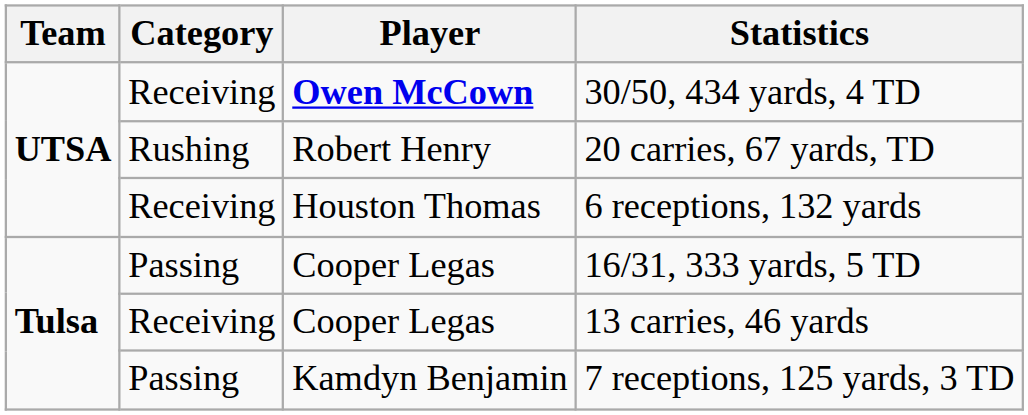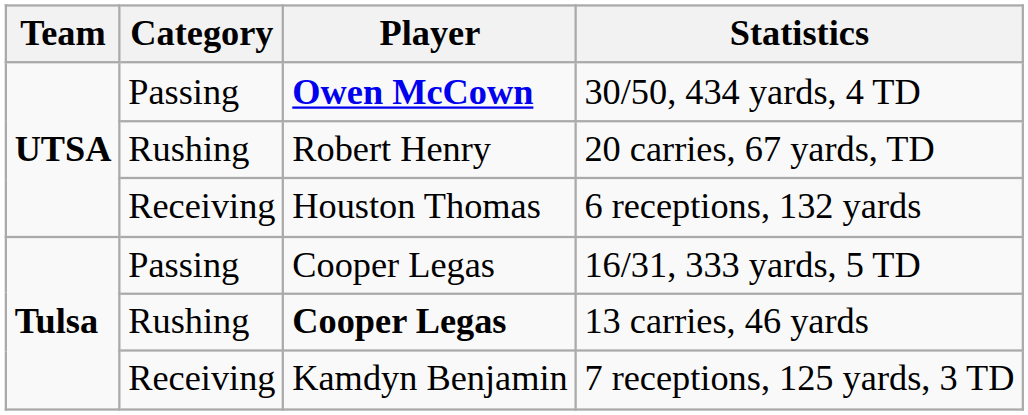 <table class="wikitable" style="float: right;">
 <tr>
 <th>Team</th>
 <th>Category</th>
 <th>Player</th>
 <th>Statistics</th>
 </tr>
 <tr>
 <td rowspan=3><strong>UTSA</strong></td>
-<td>Receiving</td>
+<td>Passing</td>
 <td><strong><a href='#'>Owen McCown</a></strong></td>
 <td>30/50, 434 yards, 4 TD</td>
 </tr>
 <tr>
 <td>Rushing</td>
 <td>Robert Henry</td>
 <td>20 carries, 67 yards, TD</td>
 </tr>
 <tr>
 <td>Receiving</td>
 <td>Houston Thomas</td>
 <td>6 receptions, 132 yards</td>
 </tr>
 <tr>
 <td rowspan=3><strong>Tulsa</strong></td>
 <td>Passing</td>
 <td>Cooper Legas</td>
 <td>16/31, 333 yards, 5 TD</td>
 </tr>
 <tr>
-<td>Receiving</td>
-<td>Cooper Legas</td>
+<td>Rushing</td>
+<td><strong>Cooper Legas</strong></td>
 <td>13 carries, 46 yards</td>
 </tr>
 <tr>
-<td>Passing</td>
+<td>Receiving</td>
 <td>Kamdyn Benjamin</td>
 <td>7 receptions, 125 yards, 3 TD</td>
 </tr>
 </table>
